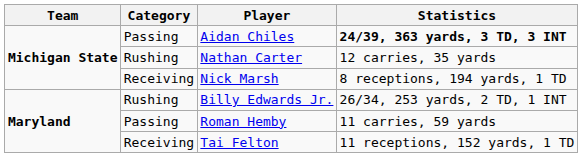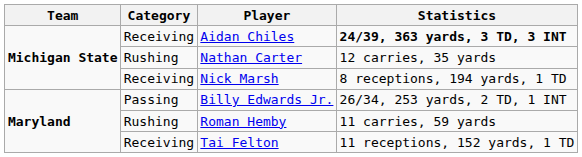 <table class="wikitable" style="float: right;">
 <tr>
 <th>Team</th>
 <th>Category</th>
 <th>Player</th>
 <th>Statistics</th>
 </tr>
 <tr>
 <td rowspan=3><strong>Michigan State</strong></td>
-<td>Passing</td>
+<td>Receiving</td>
 <td><a href='#'>Aidan Chiles</a></td>
 <td><strong>24/39, 363 yards, 3 TD, 3 INT</strong></td>
 </tr>
 <tr>
 <td>Rushing</td>
 <td><a href='#'>Nathan Carter</a></td>
 <td>12 carries, 35 yards</td>
 </tr>
 <tr>
 <td>Receiving</td>
 <td><a href='#'>Nick Marsh</a></td>
 <td>8 receptions, 194 yards, 1 TD</td>
 </tr>
 <tr>
 <td rowspan=3><strong>Maryland</strong></td>
-<td>Rushing</td>
+<td>Passing</td>
 <td><a href='#'>Billy Edwards Jr.</a></td>
 <td>26/34, 253 yards, 2 TD, 1 INT</td>
 </tr>
 <tr>
-<td>Passing</td>
+<td>Rushing</td>
 <td><a href='#'>Roman Hemby</a></td>
 <td>11 carries, 59 yards</td>
 </tr>
 <tr>
 <td>Receiving</td>
 <td><a href='#'>Tai Felton</a></td>
 <td>11 receptions, 152 yards, 1 TD</td>
 </tr>
 </table>
